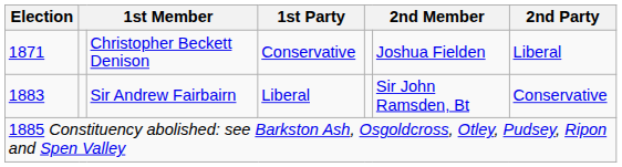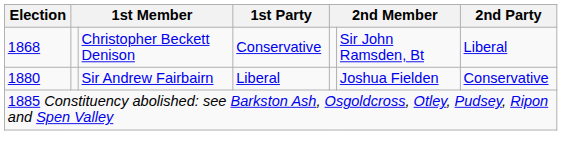 <table class="wikitable">
 <tr>
 <th>Election</th>
 <th colspan="2">1st Member</th>
 <th>1st Party</th>
 <th colspan="2">2nd Member</th>
 <th>2nd Party</th>
 </tr>
 <tr>
-<td><a href='#'>1871</a></td>
+<td><a href='#'>1868</a></td>
 <td style="color:inherit;background-color: "></td>
 <td><a href='#'>Christopher Beckett Denison</a></td>
 <td><a href='#'>Conservative</a></td>
 <td style="color:inherit;background-color: "></td>
-<td><a href='#'>Joshua Fielden</a></td>
+<td><a href='#'>Sir John Ramsden, Bt</a></td>
 <td><a href='#'>Liberal</a></td>
 </tr>
 <tr>
-<td><a href='#'>1883</a></td>
+<td><a href='#'>1880</a></td>
 <td style="color:inherit;background-color: "></td>
 <td><a href='#'>Sir Andrew Fairbairn</a></td>
 <td><a href='#'>Liberal</a></td>
 <td style="color:inherit;background-color: "></td>
-<td><a href='#'>Sir John Ramsden, Bt</a></td>
+<td><a href='#'>Joshua Fielden</a></td>
 <td><a href='#'>Conservative</a></td>
 </tr>
 <tr>
 <td colspan="7"><a href='#'>1885</a> <em>Constituency abolished: see <a href='#'>Barkston Ash</a>, <a href='#'>Osgoldcross</a>, <a href='#'>Otley</a>, <a href='#'>Pudsey</a>, <a href='#'>Ripon</a> and <a href='#'>Spen Valley</a></em></td>
 </tr>
 </table>
